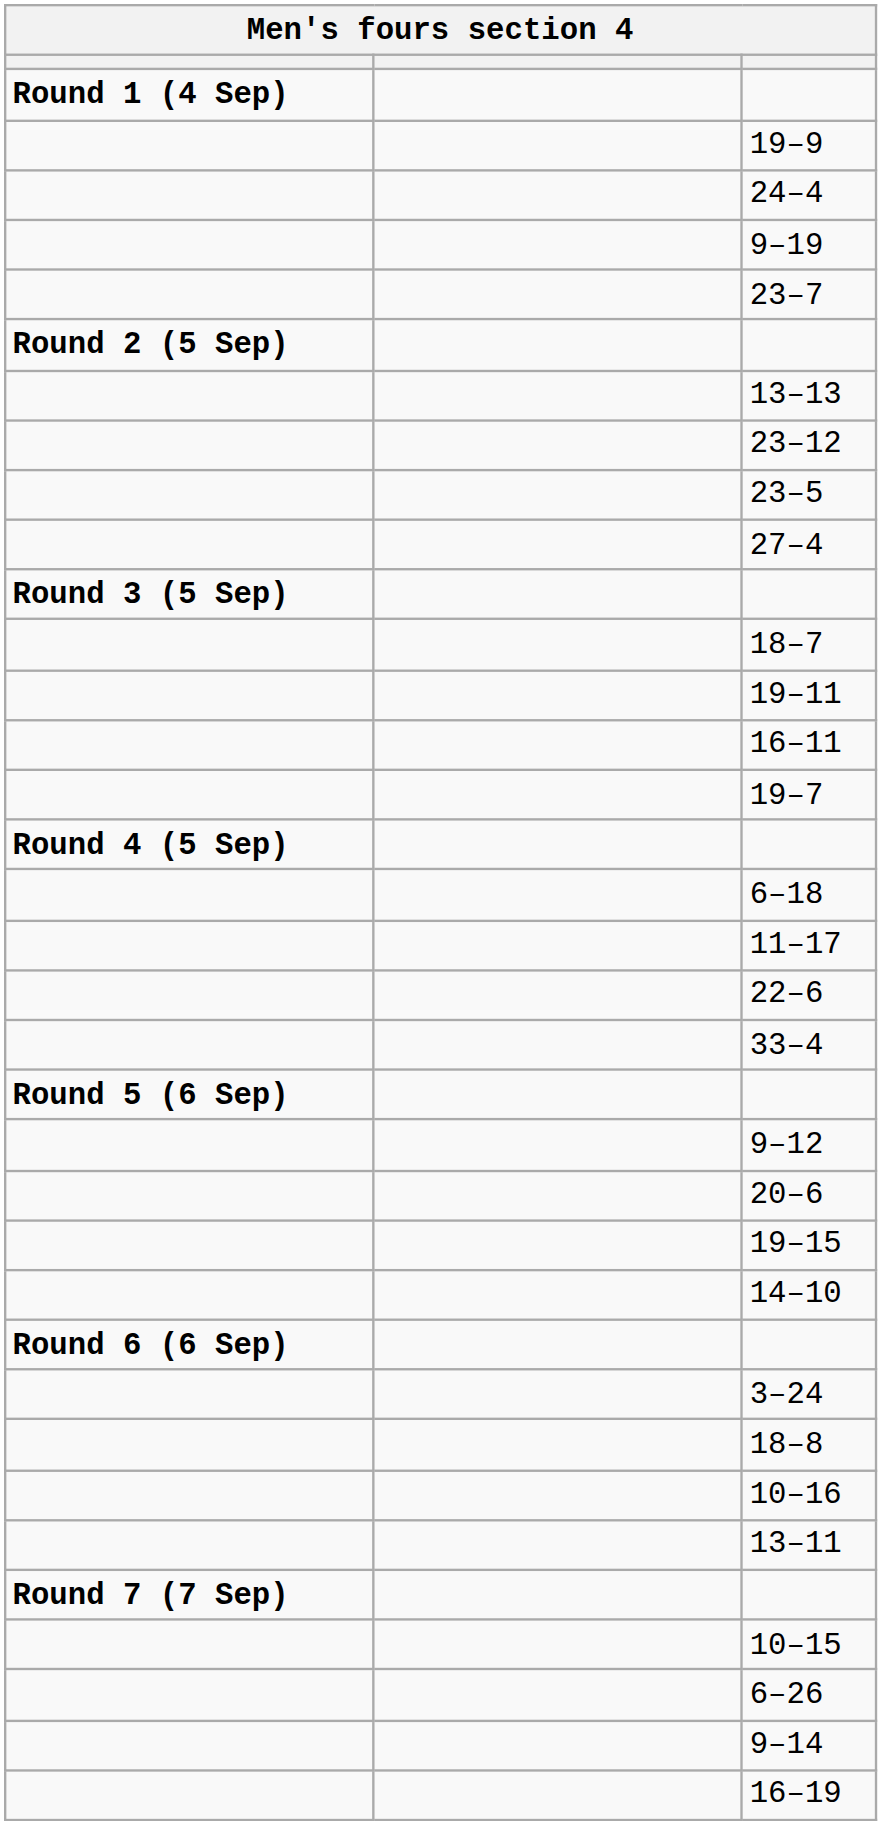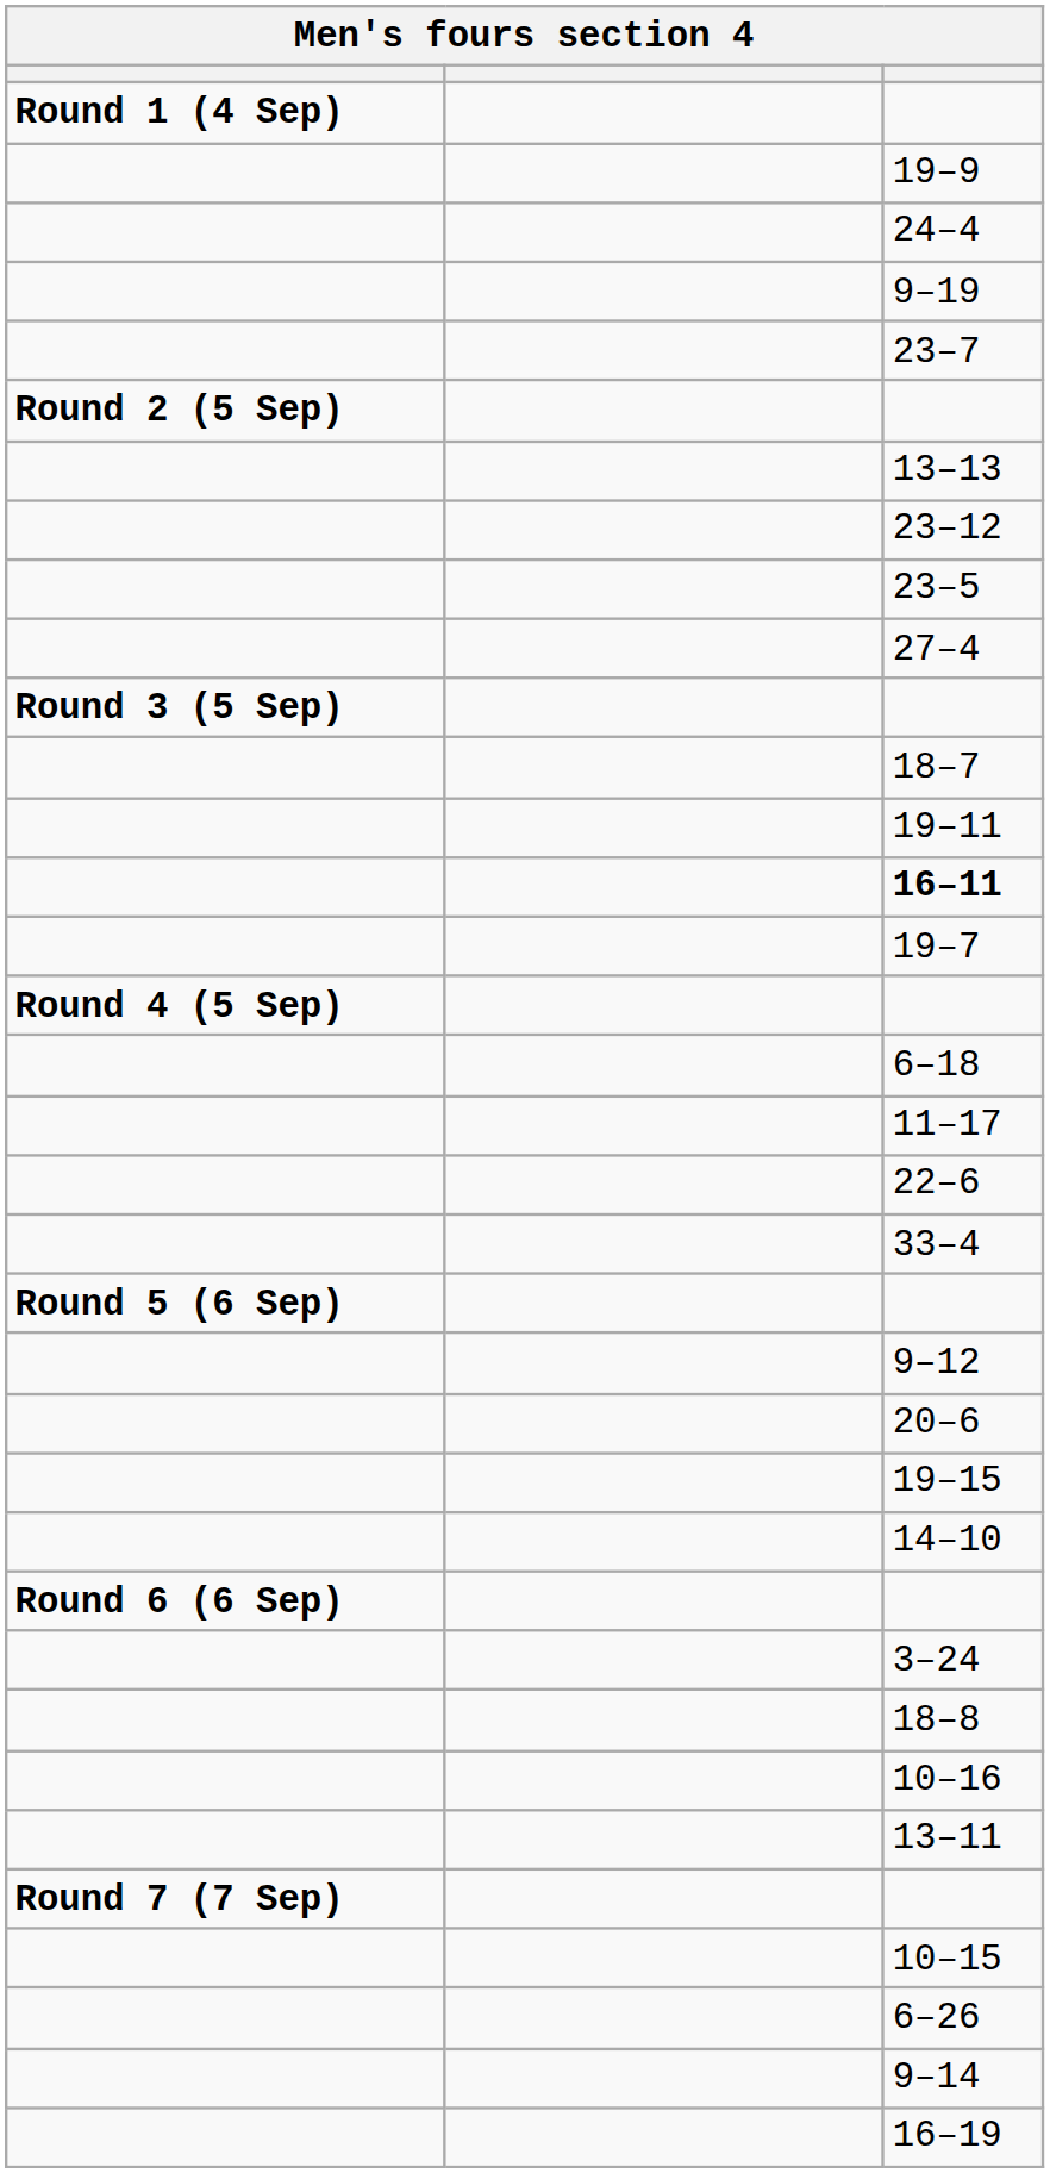 <table class="wikitable">
 <tr>
 <th colspan="3">Men's fours section 4</th>
 </tr>
 <tr>
 <th width=150></th>
 <th width=150></th>
 <th width=50></th>
 </tr>
 <tr>
 <td><strong>Round 1 (4 Sep)</strong></td>
 <td></td>
 <td></td>
 </tr>
 <tr>
 <td></td>
 <td></td>
 <td>19–9</td>
 </tr>
 <tr>
 <td></td>
 <td></td>
 <td>24–4</td>
 </tr>
 <tr>
 <td></td>
 <td></td>
 <td>9–19</td>
 </tr>
 <tr>
 <td></td>
 <td></td>
 <td>23–7</td>
 </tr>
 <tr>
 <td><strong>Round 2 (5 Sep)</strong></td>
 <td></td>
 <td></td>
 </tr>
 <tr>
 <td></td>
 <td></td>
 <td>13–13</td>
 </tr>
 <tr>
 <td></td>
 <td></td>
 <td>23–12</td>
 </tr>
 <tr>
 <td></td>
 <td></td>
 <td>23–5</td>
 </tr>
 <tr>
 <td></td>
 <td></td>
 <td>27–4</td>
 </tr>
 <tr>
 <td><strong>Round 3 (5 Sep)</strong></td>
 <td></td>
 <td></td>
 </tr>
 <tr>
 <td></td>
 <td></td>
 <td>18–7</td>
 </tr>
 <tr>
 <td></td>
 <td></td>
 <td>19–11</td>
 </tr>
 <tr>
 <td></td>
 <td></td>
-<td>16–11</td>
+<td><strong>16–11</strong></td>
 </tr>
 <tr>
 <td></td>
 <td></td>
 <td>19–7</td>
 </tr>
 <tr>
 <td><strong>Round 4 (5 Sep)</strong></td>
 <td></td>
 <td></td>
 </tr>
 <tr>
 <td></td>
 <td></td>
 <td>6–18</td>
 </tr>
 <tr>
 <td></td>
 <td></td>
 <td>11–17</td>
 </tr>
 <tr>
 <td></td>
 <td></td>
 <td>22–6</td>
 </tr>
 <tr>
 <td></td>
 <td></td>
 <td>33–4</td>
 </tr>
 <tr>
 <td><strong>Round 5 (6 Sep)</strong></td>
 <td></td>
 <td></td>
 </tr>
 <tr>
 <td></td>
 <td></td>
 <td>9–12</td>
 </tr>
 <tr>
 <td></td>
 <td></td>
 <td>20–6</td>
 </tr>
 <tr>
 <td></td>
 <td></td>
 <td>19–15</td>
 </tr>
 <tr>
 <td></td>
 <td></td>
 <td>14–10</td>
 </tr>
 <tr>
 <td><strong>Round 6  (6 Sep)</strong></td>
 <td></td>
 <td></td>
 </tr>
 <tr>
 <td></td>
 <td></td>
 <td>3–24</td>
 </tr>
 <tr>
 <td></td>
 <td></td>
 <td>18–8</td>
 </tr>
 <tr>
 <td></td>
 <td></td>
 <td>10–16</td>
 </tr>
 <tr>
 <td></td>
 <td></td>
 <td>13–11</td>
 </tr>
 <tr>
 <td><strong>Round 7 (7 Sep)</strong></td>
 <td></td>
 <td></td>
 </tr>
 <tr>
 <td></td>
 <td></td>
 <td>10–15</td>
 </tr>
 <tr>
 <td></td>
 <td></td>
 <td>6–26</td>
 </tr>
 <tr>
 <td></td>
 <td></td>
 <td>9–14</td>
 </tr>
 <tr>
 <td></td>
 <td></td>
 <td>16–19</td>
 </tr>
 </table>
